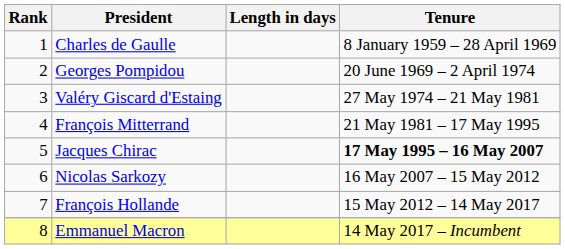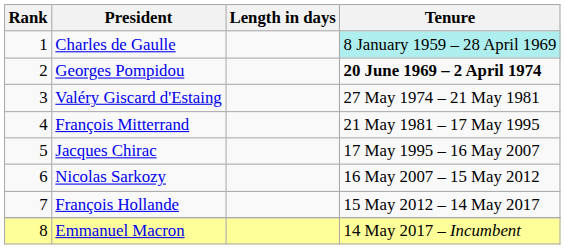 <table class="wikitable sortable">
 <tr>
 <th>Rank</th>
 <th>President</th>
 <th>Length in days</th>
 <th>Tenure</th>
 </tr>
 <tr>
 <td align="right">1</td>
 <td><a href='#'>Charles de Gaulle</a></td>
 <td></td>
-<td>8 January 1959 – 28 April 1969</td>
+<td style="background: paleturquoise;">8 January 1959 – 28 April 1969</td>
 </tr>
 <tr>
 <td align="right">2</td>
 <td><a href='#'>Georges Pompidou</a></td>
 <td></td>
-<td>20 June 1969 – 2 April 1974</td>
+<td><strong>20 June 1969 – 2 April 1974</strong></td>
 </tr>
 <tr>
 <td align=right>3</td>
 <td><a href='#'>Valéry Giscard d'Estaing</a></td>
 <td></td>
 <td>27 May 1974 – 21 May 1981</td>
 </tr>
 <tr>
 <td align=right>4</td>
 <td><a href='#'>François Mitterrand</a></td>
 <td></td>
 <td>21 May 1981 – 17 May 1995</td>
 </tr>
 <tr>
 <td align=right>5</td>
 <td><a href='#'>Jacques Chirac</a></td>
 <td></td>
-<td><strong>17 May 1995 – 16 May 2007</strong></td>
+<td>17 May 1995 – 16 May 2007</td>
 </tr>
 <tr>
 <td align="right">6</td>
 <td><a href='#'>Nicolas Sarkozy</a></td>
 <td></td>
 <td>16 May 2007 – 15 May 2012</td>
 </tr>
 <tr>
 <td align="right">7</td>
 <td><a href='#'>François Hollande</a></td>
 <td></td>
 <td>15 May 2012 – 14 May 2017</td>
 </tr>
 <tr>
 </tr>
 <tr bgcolor="#FFFF99">
 <td align="right">8</td>
 <td><a href='#'>Emmanuel Macron</a></td>
 <td></td>
 <td>14 May 2017 – <em>Incumbent</em></td>
 </tr>
 </table>
